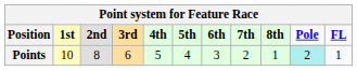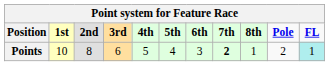 <table class="wikitable" style="font-size:85%; text-align:center">
 <tr>
 <th colspan="11">Point system for Feature Race</th>
 </tr>
 <tr>
 <th>Position</th>
 <td style="background:#ffffbf;"> <strong>1st</strong> </td>
 <td style="background:#dfdfdf;"> <strong>2nd</strong> </td>
 <td style="background:#ffdf9f;"> <strong>3rd</strong> </td>
 <td style="background:#dfffdf;"> <strong>4th</strong> </td>
 <td style="background:#dfffdf;"> <strong>5th</strong> </td>
 <td style="background:#dfffdf;"> <strong>6th</strong> </td>
 <td style="background:#dfffdf;"> <strong>7th</strong> </td>
 <td style="background:#dfffdf;"> <strong>8th</strong> </td>
 <td> <strong><a href='#'>Pole</a></strong> </td>
 <td> <strong><a href='#'>FL</a></strong> </td>
 </tr>
 <tr>
 <th>Points</th>
 <td style="background:#ffffbf;">10</td>
 <td style="background:#dfdfdf;">8</td>
 <td style="background:#ffdf9f;">6</td>
 <td style="background:#dfffdf;">5</td>
 <td style="background:#dfffdf;">4</td>
 <td style="background:#dfffdf;">3</td>
-<td style="background:#dfffdf;">2</td>
+<td style="background:#dfffdf;"><strong>2</strong></td>
 <td style="background:#dfffdf;">1</td>
-<td style="background: paleturquoise;">2</td>
-<td>1</td>
+<td>2</td>
+<td style="background: paleturquoise;">1</td>
 </tr>
 </table>
